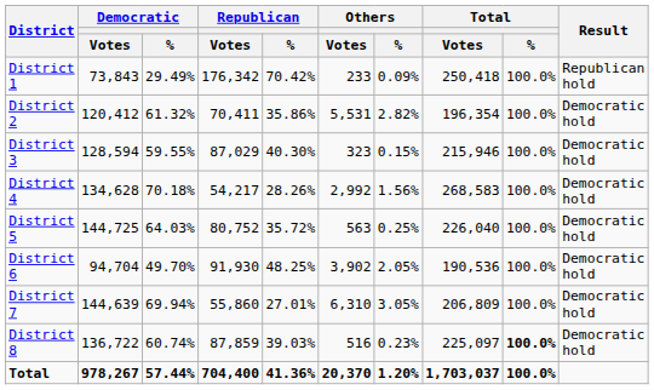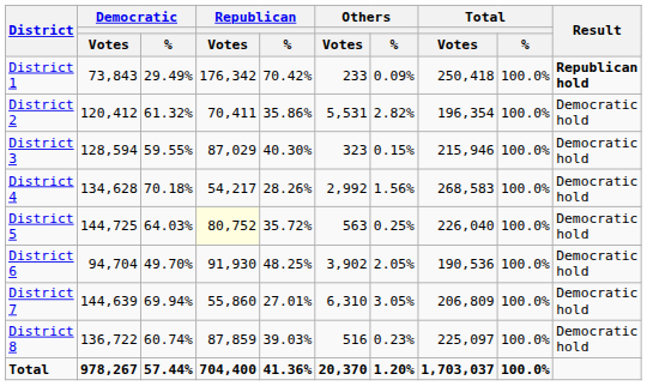 <table class="wikitable plainrowheaders sortable" style="font-size:100%; text-align:right;">
 <tr>
 <th scope=col rowspan=3><a href='#'>District</a></th>
 <th scope=col colspan=2><a href='#'>Democratic</a></th>
 <th scope=col colspan=2><a href='#'>Republican</a></th>
 <th scope=col colspan=2>Others</th>
 <th scope=col colspan=2>Total</th>
 <th scope=col rowspan=3>Result</th>
 </tr>
 <tr>
 <th scope=col colspan=2 style="background:"></th>
 <th scope=col colspan=2 style="background:"></th>
 <th scope=col colspan=2></th>
 <th scope=col colspan=2></th>
 </tr>
 <tr>
 <th scope=col data-sort-type="number">Votes</th>
 <th scope=col data-sort-type="number">%</th>
 <th scope=col data-sort-type="number">Votes</th>
 <th scope=col data-sort-type="number">%</th>
 <th scope=col data-sort-type="number">Votes</th>
 <th scope=col data-sort-type="number">%</th>
 <th scope=col data-sort-type="number">Votes</th>
 <th scope=col data-sort-type="number">%</th>
 </tr>
 <tr>
 <td align=left><a href='#'>District 1</a></td>
 <td>73,843</td>
 <td>29.49%</td>
 <td>176,342</td>
 <td>70.42%</td>
 <td>233</td>
 <td>0.09%</td>
 <td>250,418</td>
 <td>100.0%</td>
-<td align=left>Republican hold</td>
+<td align=left><strong>Republican hold</strong></td>
 </tr>
 <tr>
 <td align=left><a href='#'>District 2</a></td>
 <td>120,412</td>
 <td>61.32%</td>
 <td>70,411</td>
 <td>35.86%</td>
 <td>5,531</td>
 <td>2.82%</td>
 <td>196,354</td>
 <td>100.0%</td>
 <td align=left>Democratic hold</td>
 </tr>
 <tr>
 <td align=left><a href='#'>District 3</a></td>
 <td>128,594</td>
 <td>59.55%</td>
 <td>87,029</td>
 <td>40.30%</td>
 <td>323</td>
 <td>0.15%</td>
 <td>215,946</td>
 <td>100.0%</td>
 <td align=left>Democratic hold</td>
 </tr>
 <tr>
 <td align=left><a href='#'>District 4</a></td>
 <td>134,628</td>
 <td>70.18%</td>
 <td>54,217</td>
 <td>28.26%</td>
 <td>2,992</td>
 <td>1.56%</td>
 <td>268,583</td>
 <td>100.0%</td>
 <td align=left>Democratic hold</td>
 </tr>
 <tr>
 <td align=left><a href='#'>District 5</a></td>
 <td>144,725</td>
 <td>64.03%</td>
-<td>80,752</td>
+<td style="background: lightyellow;">80,752</td>
 <td>35.72%</td>
 <td>563</td>
 <td>0.25%</td>
 <td>226,040</td>
 <td>100.0%</td>
 <td align=left>Democratic hold</td>
 </tr>
 <tr>
 <td align=left><a href='#'>District 6</a></td>
 <td>94,704</td>
 <td>49.70%</td>
 <td>91,930</td>
 <td>48.25%</td>
 <td>3,902</td>
 <td>2.05%</td>
 <td>190,536</td>
 <td>100.0%</td>
 <td align=left>Democratic hold</td>
 </tr>
 <tr>
 <td align=left><a href='#'>District 7</a></td>
 <td>144,639</td>
 <td>69.94%</td>
 <td>55,860</td>
 <td>27.01%</td>
 <td>6,310</td>
 <td>3.05%</td>
 <td>206,809</td>
 <td>100.0%</td>
 <td align=left>Democratic hold</td>
 </tr>
 <tr>
 <td align=left><a href='#'>District 8</a></td>
 <td>136,722</td>
 <td>60.74%</td>
 <td>87,859</td>
 <td>39.03%</td>
 <td>516</td>
 <td>0.23%</td>
 <td>225,097</td>
-<td><strong>100.0%</strong></td>
+<td>100.0%</td>
 <td align=left>Democratic hold</td>
 </tr>
 <tr class="sortbottom" style="font-weight:bold">
 <td align=left>Total</td>
 <td>978,267</td>
 <td>57.44%</td>
 <td>704,400</td>
 <td>41.36%</td>
 <td>20,370</td>
 <td>1.20%</td>
 <td>1,703,037</td>
 <td>100.0%</td>
 <td></td>
 </tr>
 </table>
